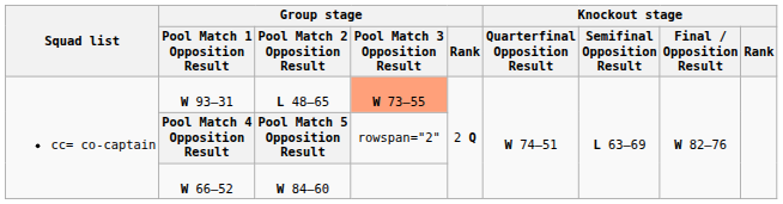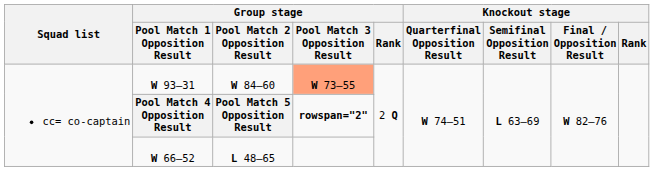 <table class=wikitable style="font-size:90%">
 <tr>
 <th rowspan="2">Squad list</th>
 <th colspan="4">Group stage</th>
 <th colspan="4">Knockout stage</th>
 </tr>
 <tr>
 <th>Pool Match 1<br>Opposition<br>Result</th>
 <th>Pool Match 2<br>Opposition<br>Result</th>
 <th>Pool Match 3<br>Opposition<br>Result</th>
 <th>Rank</th>
 <th>Quarterfinal<br>Opposition<br>Result</th>
 <th>Semifinal<br>Opposition<br>Result</th>
 <th>Final / <br>Opposition<br>Result</th>
 <th>Rank</th>
 </tr>
 <tr align=center>
 <td style="text-align:left;" rowspan="3"><br><ul><li>cc= co-captain</li></ul></td>
 <td><br><strong>W</strong> 93–31</td>
-<td><br><strong>L</strong> 48–65</td>
+<td><br><strong>W</strong> 84–60</td>
 <td style="background: lightsalmon;"><br><strong>W</strong> 73–55</td>
 <td rowspan="3">2 <strong>Q</strong></td>
 <td rowspan="3"><br><strong>W</strong> 74–51</td>
 <td rowspan="3"><br><strong>L</strong> 63–69</td>
 <td rowspan="3"><br><strong>W</strong> 82–76</td>
 <td rowspan="3"></td>
 </tr>
 <tr align=center>
 <th>Pool Match 4<br>Opposition<br>Result</th>
 <th>Pool Match 5<br>Opposition<br>Result</th>
-<td>rowspan="2" </td>
+<td><strong>rowspan="2" </strong></td>
 </tr>
 <tr align=center>
 <td><br><strong>W</strong> 66–52</td>
-<td><br><strong>W</strong> 84–60</td>
+<td><br><strong>L</strong> 48–65</td>
 </tr>
 </table>
